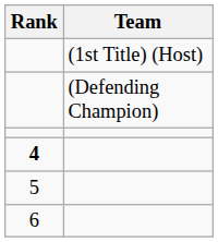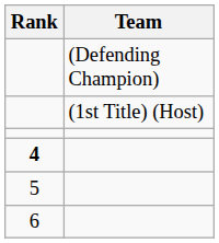 <table class="wikitable" style="text-align: center; font-size:90% ">
 <tr>
 <th width=35>Rank</th>
 <th width=100>Team</th>
 </tr>
 <tr>
 <td></td>
-<td align=left> (1st Title) (Host)</td>
+<td align=left> (Defending Champion)</td>
 </tr>
 <tr>
 <td></td>
-<td align=left> (Defending Champion)</td>
+<td align=left> (1st Title) (Host)</td>
 </tr>
 <tr>
 <td></td>
 <td align=left></td>
 </tr>
 <tr>
 <td><strong>4</strong></td>
 <td align=left></td>
 </tr>
 <tr>
 <td>5</td>
 <td align=left></td>
 </tr>
 <tr>
 <td>6</td>
 <td align=left></td>
 </tr>
 </table>
